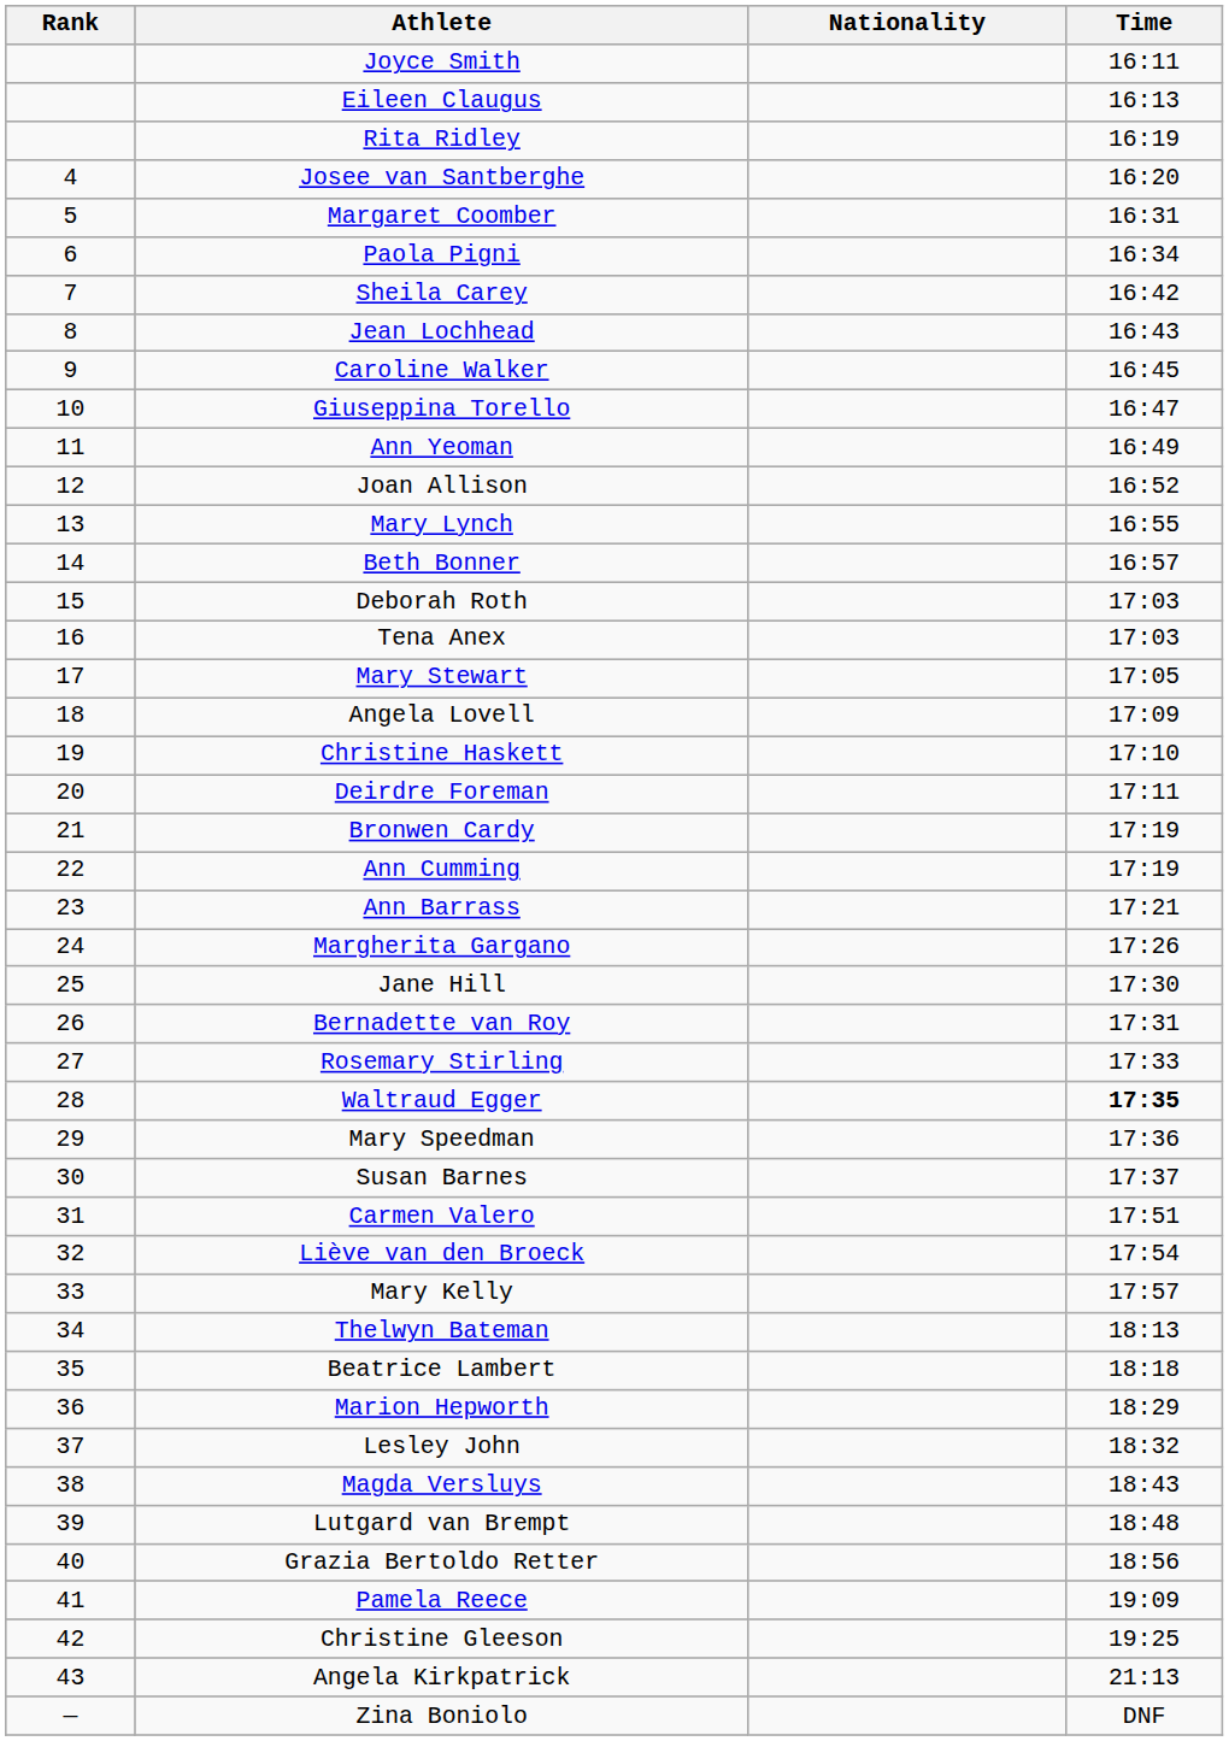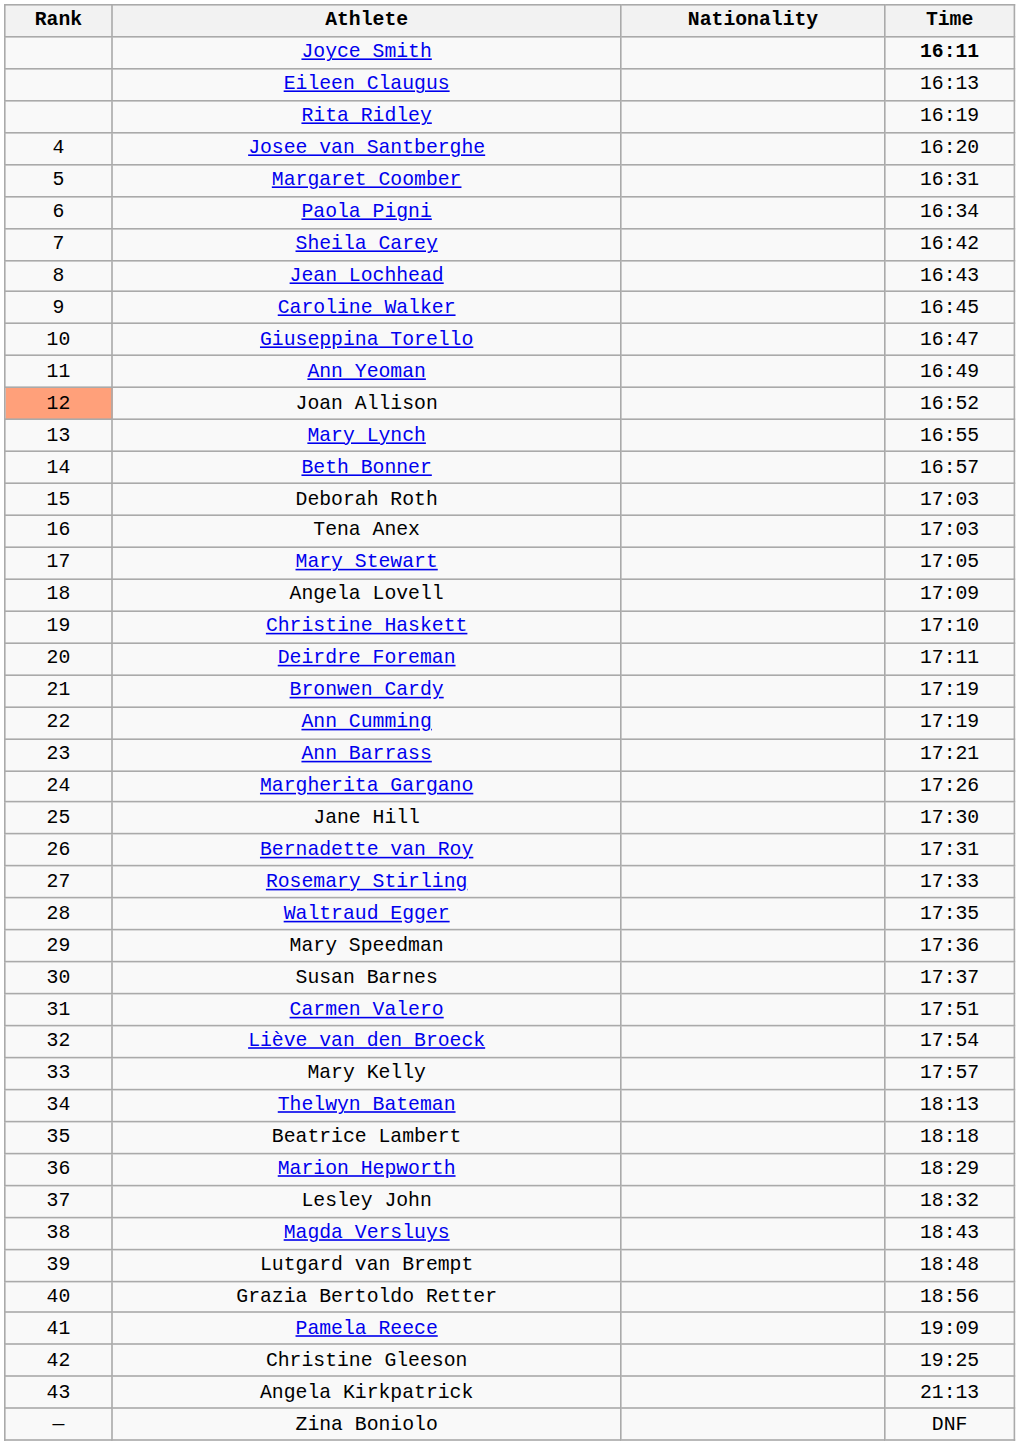 <table class="wikitable sortable" style=" text-align:center; font-size:95%;" width="50%">
 <tr>
 <th>Rank</th>
 <th>Athlete</th>
 <th>Nationality</th>
 <th>Time</th>
 </tr>
 <tr>
 <td align=center></td>
 <td><a href='#'>Joyce Smith</a></td>
 <td></td>
-<td>16:11</td>
+<td><strong>16:11</strong></td>
 </tr>
 <tr>
 <td align=center></td>
 <td><a href='#'>Eileen Claugus</a></td>
 <td></td>
 <td>16:13</td>
 </tr>
 <tr>
 <td align=center></td>
 <td><a href='#'>Rita Ridley</a></td>
 <td></td>
 <td>16:19</td>
 </tr>
 <tr>
 <td align=center>4</td>
 <td><a href='#'>Josee van Santberghe</a></td>
 <td></td>
 <td>16:20</td>
 </tr>
 <tr>
 <td align=center>5</td>
 <td><a href='#'>Margaret Coomber</a></td>
 <td></td>
 <td>16:31</td>
 </tr>
 <tr>
 <td align=center>6</td>
 <td><a href='#'>Paola Pigni</a></td>
 <td></td>
 <td>16:34</td>
 </tr>
 <tr>
 <td align=center>7</td>
 <td><a href='#'>Sheila Carey</a></td>
 <td></td>
 <td>16:42</td>
 </tr>
 <tr>
 <td align=center>8</td>
 <td><a href='#'>Jean Lochhead</a></td>
 <td></td>
 <td>16:43</td>
 </tr>
 <tr>
 <td align=center>9</td>
 <td><a href='#'>Caroline Walker</a></td>
 <td></td>
 <td>16:45</td>
 </tr>
 <tr>
 <td align=center>10</td>
 <td><a href='#'>Giuseppina Torello</a></td>
 <td></td>
 <td>16:47</td>
 </tr>
 <tr>
 <td align=center>11</td>
 <td><a href='#'>Ann Yeoman</a></td>
 <td></td>
 <td>16:49</td>
 </tr>
 <tr>
-<td align=center>12</td>
+<td align=center style="background: lightsalmon;">12</td>
 <td>Joan Allison</td>
 <td></td>
 <td>16:52</td>
 </tr>
 <tr>
 <td align=center>13</td>
 <td><a href='#'>Mary Lynch</a></td>
 <td></td>
 <td>16:55</td>
 </tr>
 <tr>
 <td align=center>14</td>
 <td><a href='#'>Beth Bonner</a></td>
 <td></td>
 <td>16:57</td>
 </tr>
 <tr>
 <td align=center>15</td>
 <td>Deborah Roth</td>
 <td></td>
 <td>17:03</td>
 </tr>
 <tr>
 <td align=center>16</td>
 <td>Tena Anex</td>
 <td></td>
 <td>17:03</td>
 </tr>
 <tr>
 <td align=center>17</td>
 <td><a href='#'>Mary Stewart</a></td>
 <td></td>
 <td>17:05</td>
 </tr>
 <tr>
 <td align=center>18</td>
 <td>Angela Lovell</td>
 <td></td>
 <td>17:09</td>
 </tr>
 <tr>
 <td align=center>19</td>
 <td><a href='#'>Christine Haskett</a></td>
 <td></td>
 <td>17:10</td>
 </tr>
 <tr>
 <td align=center>20</td>
 <td><a href='#'>Deirdre Foreman</a></td>
 <td></td>
 <td>17:11</td>
 </tr>
 <tr>
 <td align=center>21</td>
 <td><a href='#'>Bronwen Cardy</a></td>
 <td></td>
 <td>17:19</td>
 </tr>
 <tr>
 <td align=center>22</td>
 <td><a href='#'>Ann Cumming</a></td>
 <td></td>
 <td>17:19</td>
 </tr>
 <tr>
 <td align=center>23</td>
 <td><a href='#'>Ann Barrass</a></td>
 <td></td>
 <td>17:21</td>
 </tr>
 <tr>
 <td align=center>24</td>
 <td><a href='#'>Margherita Gargano</a></td>
 <td></td>
 <td>17:26</td>
 </tr>
 <tr>
 <td align=center>25</td>
 <td>Jane Hill</td>
 <td></td>
 <td>17:30</td>
 </tr>
 <tr>
 <td align=center>26</td>
 <td><a href='#'>Bernadette van Roy</a></td>
 <td></td>
 <td>17:31</td>
 </tr>
 <tr>
 <td align=center>27</td>
 <td><a href='#'>Rosemary Stirling</a></td>
 <td></td>
 <td>17:33</td>
 </tr>
 <tr>
 <td align=center>28</td>
 <td><a href='#'>Waltraud Egger</a></td>
 <td></td>
-<td><strong>17:35</strong></td>
+<td>17:35</td>
 </tr>
 <tr>
 <td align=center>29</td>
 <td>Mary Speedman</td>
 <td></td>
 <td>17:36</td>
 </tr>
 <tr>
 <td align=center>30</td>
 <td>Susan Barnes</td>
 <td></td>
 <td>17:37</td>
 </tr>
 <tr>
 <td align=center>31</td>
 <td><a href='#'>Carmen Valero</a></td>
 <td></td>
 <td>17:51</td>
 </tr>
 <tr>
 <td align=center>32</td>
 <td><a href='#'>Liève van den Broeck</a></td>
 <td></td>
 <td>17:54</td>
 </tr>
 <tr>
 <td align=center>33</td>
 <td>Mary Kelly</td>
 <td></td>
 <td>17:57</td>
 </tr>
 <tr>
 <td align=center>34</td>
 <td><a href='#'>Thelwyn Bateman</a></td>
 <td></td>
 <td>18:13</td>
 </tr>
 <tr>
 <td align=center>35</td>
 <td>Beatrice Lambert</td>
 <td></td>
 <td>18:18</td>
 </tr>
 <tr>
 <td align=center>36</td>
 <td><a href='#'>Marion Hepworth</a></td>
 <td></td>
 <td>18:29</td>
 </tr>
 <tr>
 <td align=center>37</td>
 <td>Lesley John</td>
 <td></td>
 <td>18:32</td>
 </tr>
 <tr>
 <td align=center>38</td>
 <td><a href='#'>Magda Versluys</a></td>
 <td></td>
 <td>18:43</td>
 </tr>
 <tr>
 <td align=center>39</td>
 <td>Lutgard van Brempt</td>
 <td></td>
 <td>18:48</td>
 </tr>
 <tr>
 <td align=center>40</td>
 <td>Grazia Bertoldo Retter</td>
 <td></td>
 <td>18:56</td>
 </tr>
 <tr>
 <td align=center>41</td>
 <td><a href='#'>Pamela Reece</a></td>
 <td></td>
 <td>19:09</td>
 </tr>
 <tr>
 <td align=center>42</td>
 <td>Christine Gleeson</td>
 <td></td>
 <td>19:25</td>
 </tr>
 <tr>
 <td align=center>43</td>
 <td>Angela Kirkpatrick</td>
 <td></td>
 <td>21:13</td>
 </tr>
 <tr>
 <td align=center>—</td>
 <td>Zina Boniolo</td>
 <td></td>
 <td>DNF</td>
 </tr>
 </table>
